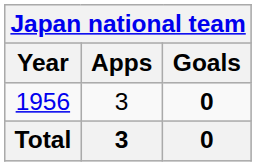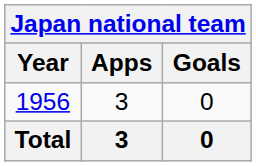 <table class="wikitable" style="text-align:center">
 <tr>
 <th colspan=3><a href='#'>Japan national team</a></th>
 </tr>
 <tr>
 <th>Year</th>
 <th>Apps</th>
 <th>Goals</th>
 </tr>
 <tr>
 <td><a href='#'>1956</a></td>
 <td>3</td>
-<td><strong>0</strong></td>
+<td>0</td>
 </tr>
 <tr>
 <th>Total</th>
 <th>3</th>
 <th>0</th>
 </tr>
 </table>
